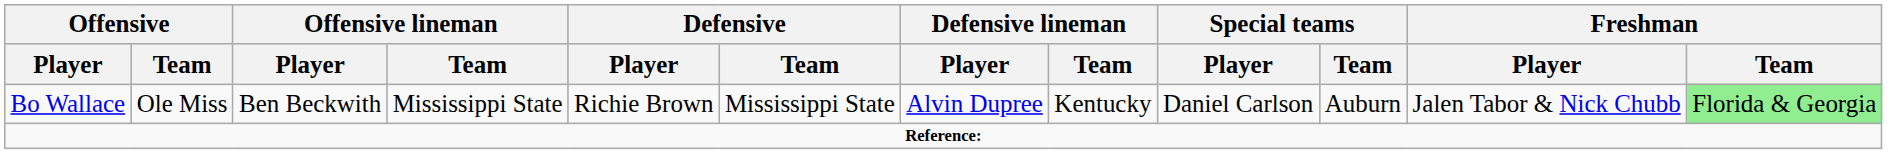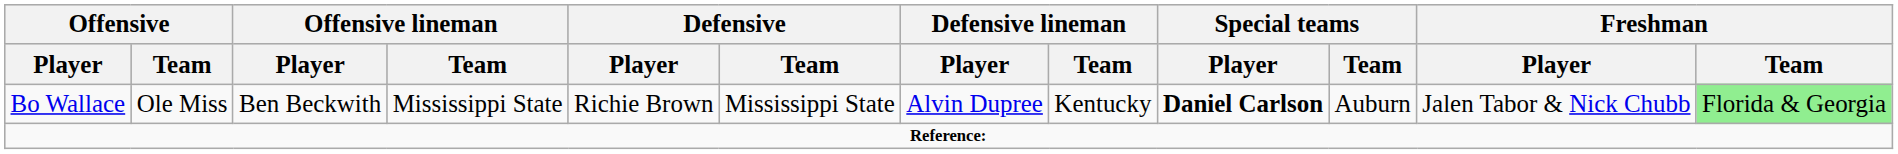 <table class="wikitable" border="1">
 <tr>
 <th colspan="2">Offensive</th>
 <th colspan="2">Offensive lineman</th>
 <th colspan="2">Defensive</th>
 <th colspan="2">Defensive lineman</th>
 <th colspan="2">Special teams</th>
 <th colspan="2">Freshman</th>
 </tr>
 <tr>
 <th>Player</th>
 <th>Team</th>
 <th>Player</th>
 <th>Team</th>
 <th>Player</th>
 <th>Team</th>
 <th>Player</th>
 <th>Team</th>
 <th>Player</th>
 <th>Team</th>
 <th>Player</th>
 <th>Team</th>
 </tr>
 <tr>
 <td><a href='#'>Bo Wallace</a></td>
 <td>Ole Miss</td>
 <td>Ben Beckwith</td>
 <td>Mississippi State</td>
 <td>Richie Brown</td>
 <td>Mississippi State</td>
 <td><a href='#'>Alvin Dupree</a></td>
 <td>Kentucky</td>
-<td>Daniel Carlson</td>
+<td><strong>Daniel Carlson</strong></td>
 <td>Auburn</td>
 <td>Jalen Tabor & <a href='#'>Nick Chubb</a></td>
 <td style="background: lightgreen;">Florida & Georgia</td>
 </tr>
 <tr>
 <td colspan="12" style="font-size: 8pt" align="center"><strong>Reference:</strong></td>
 </tr>
 </table>
